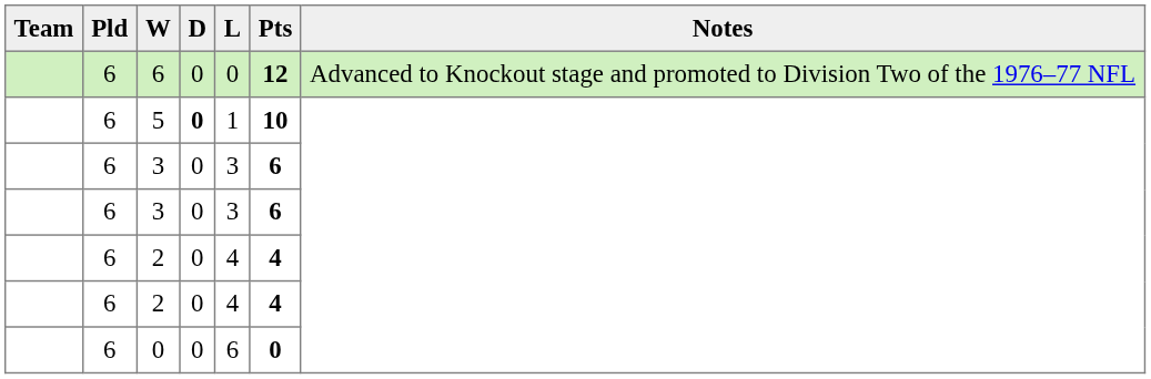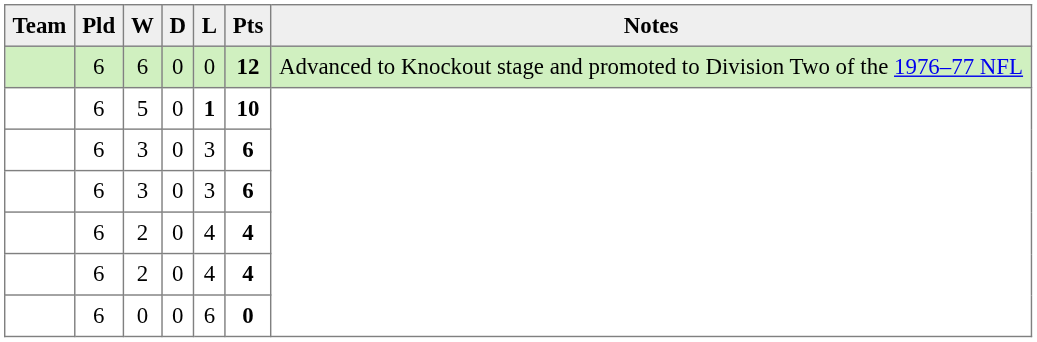 <table style=border-collapse:collapse border=1 cellspacing=0 cellpadding=5>
 <tr align=center bgcolor=#efefef>
 <th>Team</th>
 <th>Pld</th>
 <th>W</th>
 <th>D</th>
 <th>L</th>
 <th>Pts</th>
 <th>Notes</th>
 </tr>
 <tr align=center style="background:#D0F0C0;">
 <td style="text-align:left;"> </td>
 <td>6</td>
 <td>6</td>
 <td>0</td>
 <td>0</td>
 <td><strong>12</strong></td>
 <td rowspan=1>Advanced to Knockout stage and promoted to Division Two of the <a href='#'>1976–77 NFL</a></td>
 </tr>
 <tr align=center style="background:#FFFFFF;">
 <td style="text-align:left;"> </td>
 <td>6</td>
 <td>5</td>
-<td><strong>0</strong></td>
-<td>1</td>
+<td>0</td>
+<td><strong>1</strong></td>
 <td><strong>10</strong></td>
 <td rowspan=6></td>
 </tr>
 <tr align=center style="background:#FFFFFF;">
 <td style="text-align:left;"> </td>
 <td>6</td>
 <td>3</td>
 <td>0</td>
 <td>3</td>
 <td><strong>6</strong></td>
 </tr>
 <tr align=center style="background:#FFFFFF;">
 <td style="text-align:left;"> </td>
 <td>6</td>
 <td>3</td>
 <td>0</td>
 <td>3</td>
 <td><strong>6</strong></td>
 </tr>
 <tr align=center style="background:#FFFFFF;">
 <td style="text-align:left;"> </td>
 <td>6</td>
 <td>2</td>
 <td>0</td>
 <td>4</td>
 <td><strong>4</strong></td>
 </tr>
 <tr align=center style="background:#FFFFFF;">
 <td style="text-align:left;"> </td>
 <td>6</td>
 <td>2</td>
 <td>0</td>
 <td>4</td>
 <td><strong>4</strong></td>
 </tr>
 <tr align=center style="background:#FFFFFF;">
 <td style="text-align:left;"> </td>
 <td>6</td>
 <td>0</td>
 <td>0</td>
 <td>6</td>
 <td><strong>0</strong></td>
 </tr>
 </table>
